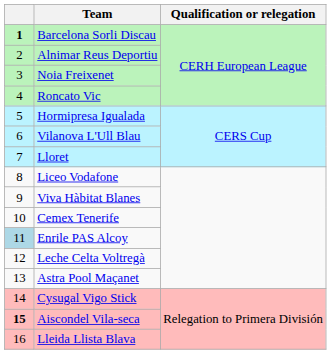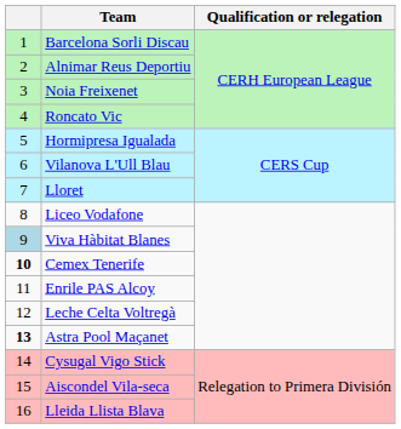 <table class="wikitable" style="text-align:center">
 <tr>
 <th width=30></th>
 <th>Team</th>
 <th>Qualification or relegation</th>
 </tr>
 <tr bgcolor=#BBF3BB>
-<td><strong>1</strong></td>
+<td>1</td>
 <td align=left><a href='#'>Barcelona Sorli Discau</a></td>
 <td rowspan=4><a href='#'>CERH European League</a></td>
 </tr>
 <tr bgcolor=#BBF3BB>
 <td>2</td>
 <td align=left><a href='#'>Alnimar Reus Deportiu</a></td>
 </tr>
 <tr bgcolor=#BBF3BB>
 <td>3</td>
 <td align=left><a href='#'>Noia Freixenet</a></td>
 </tr>
 <tr bgcolor=#BBF3BB>
 <td>4</td>
 <td align=left><a href='#'>Roncato Vic</a></td>
 </tr>
 <tr bgcolor=#BBF3FF>
 <td>5</td>
 <td align=left><a href='#'>Hormipresa Igualada</a></td>
 <td rowspan=3><a href='#'>CERS Cup</a></td>
 </tr>
 <tr bgcolor=#BBF3FF>
 <td>6</td>
 <td align=left><a href='#'>Vilanova L'Ull Blau</a></td>
 </tr>
 <tr bgcolor=#BBF3FF>
 <td>7</td>
 <td align=left><a href='#'>Lloret</a></td>
 </tr>
 <tr>
 <td>8</td>
 <td align=left><a href='#'>Liceo Vodafone</a></td>
 <td rowspan=6></td>
 </tr>
 <tr>
-<td>9</td>
+<td style="background: lightblue;">9</td>
 <td align=left><a href='#'>Viva Hàbitat Blanes</a></td>
 </tr>
 <tr>
-<td>10</td>
+<td><strong>10</strong></td>
 <td align=left><a href='#'>Cemex Tenerife</a></td>
 </tr>
 <tr>
-<td style="background: lightblue;">11</td>
+<td>11</td>
 <td align=left><a href='#'>Enrile PAS Alcoy</a></td>
 </tr>
 <tr>
 <td>12</td>
 <td align=left><a href='#'>Leche Celta Voltregà</a></td>
 </tr>
 <tr>
-<td>13</td>
+<td><strong>13</strong></td>
 <td align=left><a href='#'>Astra Pool Maçanet</a></td>
 </tr>
 <tr bgcolor=#FFBBBB>
 <td>14</td>
 <td align=left><a href='#'>Cysugal Vigo Stick</a></td>
 <td rowspan=3>Relegation to Primera División</td>
 </tr>
 <tr bgcolor=#FFBBBB>
-<td><strong>15</strong></td>
+<td>15</td>
 <td align=left><a href='#'>Aiscondel Vila-seca</a></td>
 </tr>
 <tr bgcolor=#FFBBBB>
 <td>16</td>
 <td align=left><a href='#'>Lleida Llista Blava</a></td>
 </tr>
 </table>
